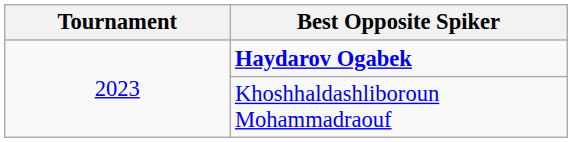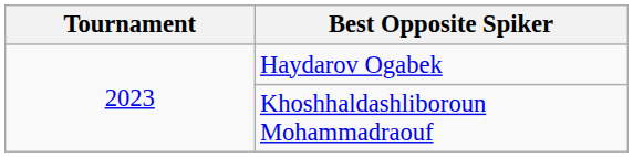 <table class=wikitable style="width: 400px;">
 <tr>
 <th>Tournament</th>
 <th style="width: 60%;">Best Opposite Spiker</th>
 </tr>
 <tr>
 <td style="text-align:center;" rowspan=2><a href='#'>2023</a></td>
-<td><strong> <a href='#'>Haydarov Ogabek</a></strong></td>
+<td> <a href='#'>Haydarov Ogabek</a></td>
 </tr>
 <tr>
 <td> <a href='#'>Khoshhaldashliboroun Mohammadraouf</a></td>
 </tr>
 </table>
